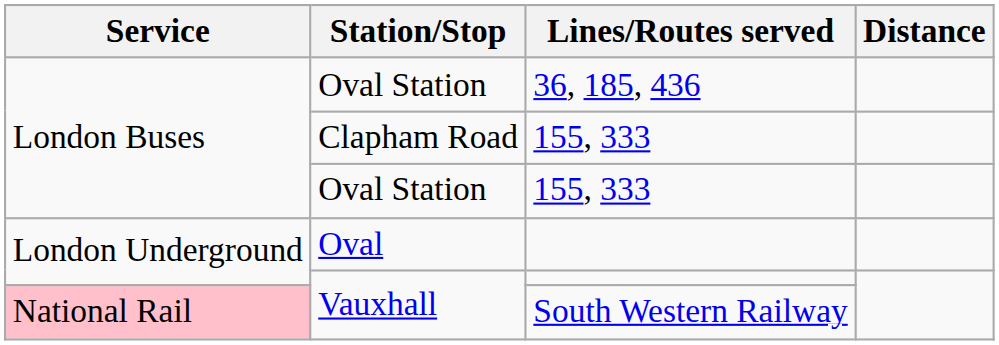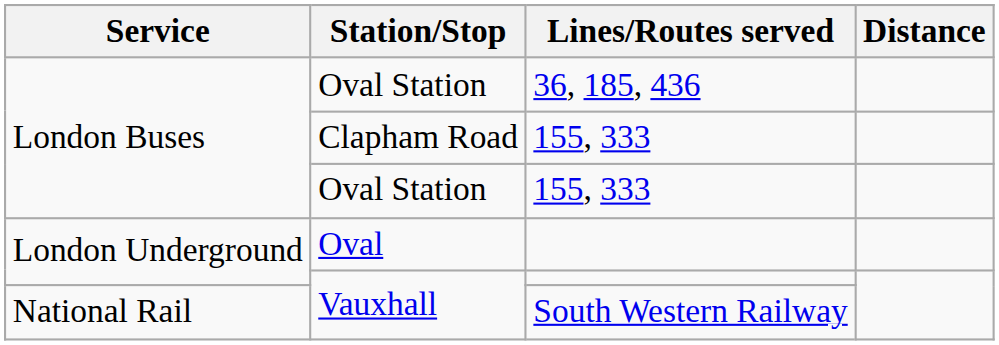 <table class="wikitable">
 <tr>
 <th>Service</th>
 <th>Station/Stop</th>
 <th>Lines/Routes served</th>
 <th>Distance</th>
 </tr>
 <tr>
 <td rowspan="3">London Buses </td>
 <td>Oval Station </td>
 <td><a href='#'>36</a>, <a href='#'>185</a>, <a href='#'>436</a></td>
 <td></td>
 </tr>
 <tr>
 <td>Clapham Road </td>
 <td><a href='#'>155</a>, <a href='#'>333</a></td>
 <td></td>
 </tr>
 <tr>
 <td>Oval Station </td>
 <td><a href='#'>155</a>, <a href='#'>333</a></td>
 <td></td>
 </tr>
 <tr>
 <td rowspan="2">London Underground </td>
 <td><a href='#'>Oval</a></td>
 <td></td>
 <td></td>
 </tr>
 <tr>
 <td rowspan="2"><a href='#'>Vauxhall</a> </td>
 <td></td>
 <td rowspan="2"></td>
 </tr>
 <tr>
-<td style="background: pink;">National Rail </td>
+<td>National Rail </td>
 <td><a href='#'>South Western Railway</a></td>
 </tr>
 </table>
